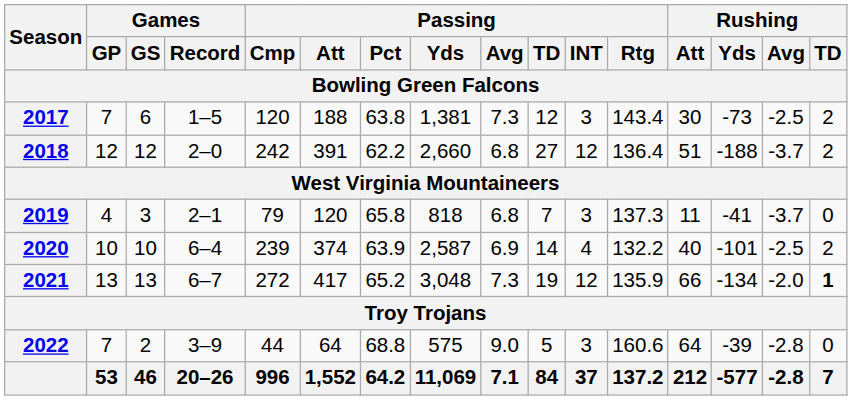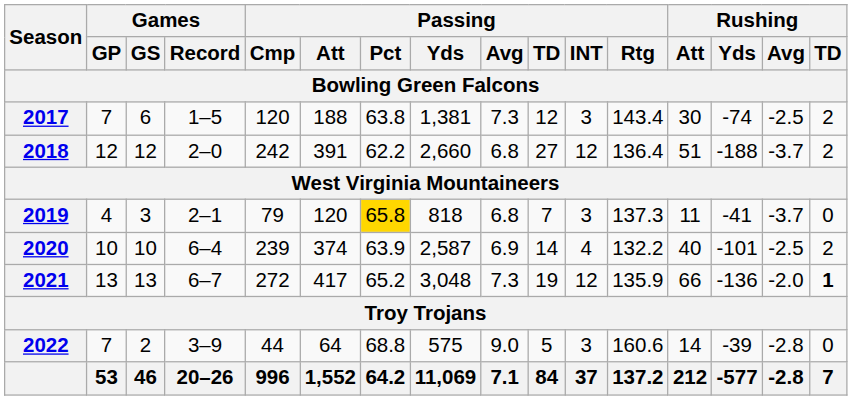 <table class="wikitable" style="text-align:center;">
 <tr>
 <th rowspan="2">Season</th>
 <th colspan="3">Games</th>
 <th colspan="8">Passing</th>
 <th colspan="4">Rushing</th>
 </tr>
 <tr>
 <th>GP</th>
 <th>GS</th>
 <th>Record</th>
 <th>Cmp</th>
 <th>Att</th>
 <th>Pct</th>
 <th>Yds</th>
 <th>Avg</th>
 <th>TD</th>
 <th>INT</th>
 <th>Rtg</th>
 <th>Att</th>
 <th>Yds</th>
 <th>Avg</th>
 <th>TD</th>
 </tr>
 <tr>
 <th colspan="16">Bowling Green Falcons</th>
 </tr>
 <tr>
 <th><a href='#'>2017</a></th>
 <td>7</td>
 <td>6</td>
 <td>1–5</td>
 <td>120</td>
 <td>188</td>
 <td>63.8</td>
 <td>1,381</td>
 <td>7.3</td>
 <td>12</td>
 <td>3</td>
 <td>143.4</td>
 <td>30</td>
-<td>-73</td>
+<td>-74</td>
 <td>-2.5</td>
 <td>2</td>
 </tr>
 <tr>
 <th><a href='#'>2018</a></th>
 <td>12</td>
 <td>12</td>
 <td>2–0</td>
 <td>242</td>
 <td>391</td>
 <td>62.2</td>
 <td>2,660</td>
 <td>6.8</td>
 <td>27</td>
 <td>12</td>
 <td>136.4</td>
 <td>51</td>
 <td>-188</td>
 <td>-3.7</td>
 <td>2</td>
 </tr>
 <tr>
 <th colspan="16">West Virginia Mountaineers</th>
 </tr>
 <tr>
 <th><a href='#'>2019</a></th>
 <td>4</td>
 <td>3</td>
 <td>2–1</td>
 <td>79</td>
 <td>120</td>
-<td>65.8</td>
+<td style="background: gold;">65.8</td>
 <td>818</td>
 <td>6.8</td>
 <td>7</td>
 <td>3</td>
 <td>137.3</td>
 <td>11</td>
 <td>-41</td>
 <td>-3.7</td>
 <td>0</td>
 </tr>
 <tr>
 <th><a href='#'>2020</a></th>
 <td>10</td>
 <td>10</td>
 <td>6–4</td>
 <td>239</td>
 <td>374</td>
 <td>63.9</td>
 <td>2,587</td>
 <td>6.9</td>
 <td>14</td>
 <td>4</td>
 <td>132.2</td>
 <td>40</td>
 <td>-101</td>
 <td>-2.5</td>
 <td>2</td>
 </tr>
 <tr>
 <th><a href='#'>2021</a></th>
 <td>13</td>
 <td>13</td>
 <td>6–7</td>
 <td>272</td>
 <td>417</td>
 <td>65.2</td>
 <td>3,048</td>
 <td>7.3</td>
 <td>19</td>
 <td>12</td>
 <td>135.9</td>
 <td>66</td>
-<td>-134</td>
+<td>-136</td>
 <td>-2.0</td>
 <td><strong>1</strong></td>
 </tr>
 <tr>
 <th colspan="16">Troy Trojans</th>
 </tr>
 <tr>
 <th><a href='#'>2022</a></th>
 <td>7</td>
 <td>2</td>
 <td>3–9</td>
 <td>44</td>
 <td>64</td>
 <td>68.8</td>
 <td>575</td>
 <td>9.0</td>
 <td>5</td>
 <td>3</td>
 <td>160.6</td>
-<td>64</td>
+<td>14</td>
 <td>-39</td>
 <td>-2.8</td>
 <td>0</td>
 </tr>
 <tr>
 <th></th>
 <th>53</th>
 <th>46</th>
 <th>20–26</th>
 <th>996</th>
 <th>1,552</th>
 <th>64.2</th>
 <th>11,069</th>
 <th>7.1</th>
 <th>84</th>
 <th>37</th>
 <th>137.2</th>
 <th>212</th>
 <th>-577</th>
 <th>-2.8</th>
 <th>7</th>
 </tr>
 </table>
